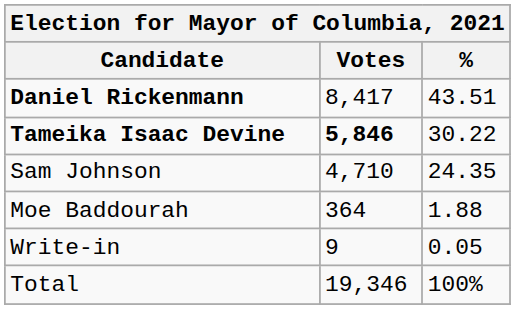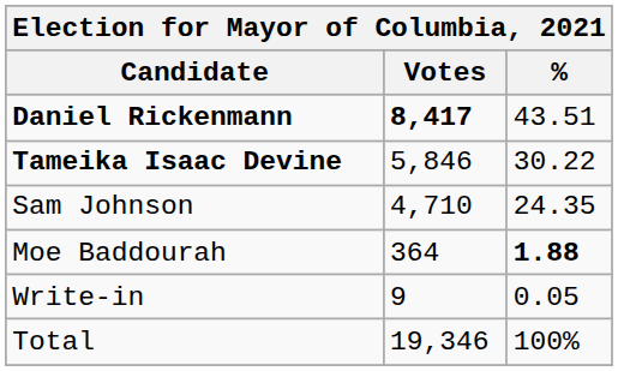 <table class="wikitable">
 <tr>
 <th colspan="4">Election for Mayor of Columbia, 2021</th>
 </tr>
 <tr>
 <th>Candidate</th>
 <th>Votes</th>
 <th>%</th>
 </tr>
 <tr>
 <td><strong>Daniel Rickenmann</strong></td>
-<td>8,417</td>
+<td><strong>8,417</strong></td>
 <td>43.51</td>
 </tr>
 <tr>
 <td><strong>Tameika Isaac Devine</strong></td>
-<td><strong>5,846</strong></td>
+<td>5,846</td>
 <td>30.22</td>
 </tr>
 <tr>
 <td>Sam Johnson</td>
 <td>4,710</td>
 <td>24.35</td>
 </tr>
 <tr>
 <td>Moe Baddourah</td>
 <td>364</td>
-<td>1.88</td>
+<td><strong>1.88</strong></td>
 </tr>
 <tr>
 <td>Write-in</td>
 <td>9</td>
 <td>0.05</td>
 </tr>
 <tr>
 <td>Total</td>
 <td>19,346</td>
 <td>100%</td>
 </tr>
 </table>
